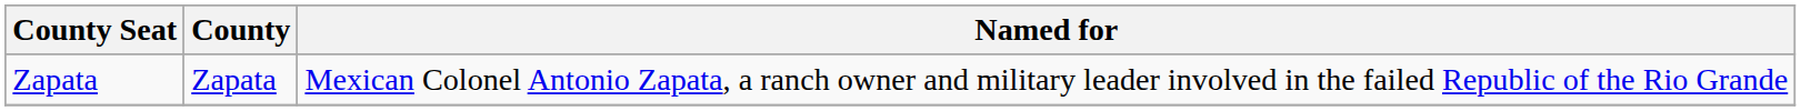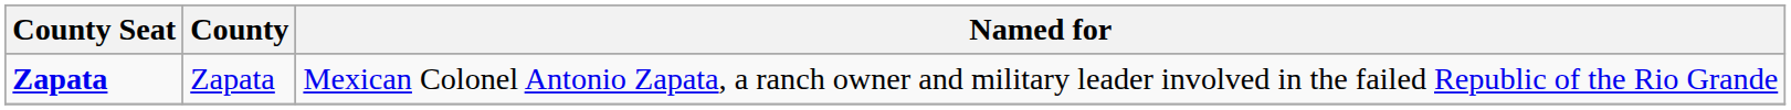 <table class="wikitable">
 <tr>
 <th>County Seat</th>
 <th>County</th>
 <th>Named for</th>
 </tr>
 <tr valign="top">
-<td><a href='#'>Zapata</a></td>
+<td><strong><a href='#'>Zapata</a></strong></td>
 <td><a href='#'>Zapata</a></td>
 <td><a href='#'>Mexican</a> Colonel <a href='#'>Antonio Zapata</a>, a ranch owner and military leader involved in the failed <a href='#'>Republic of the Rio Grande</a></td>
 </tr>
 <tr>
 </tr>
 </table>
